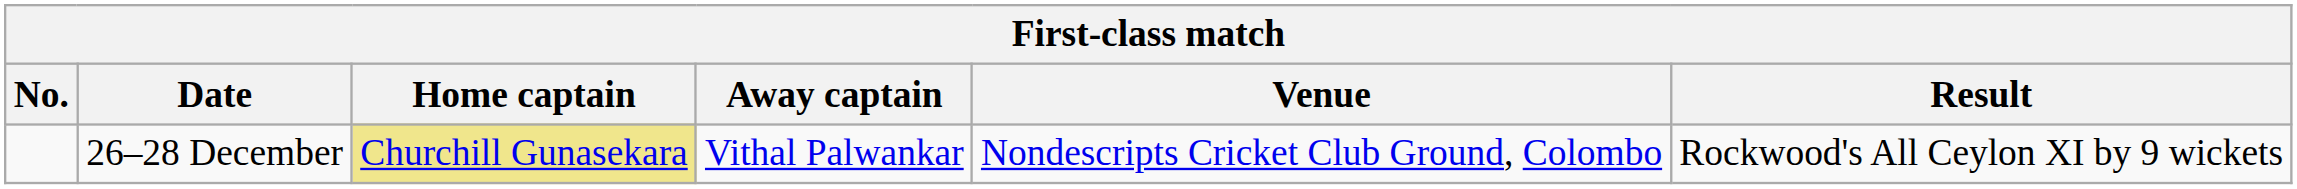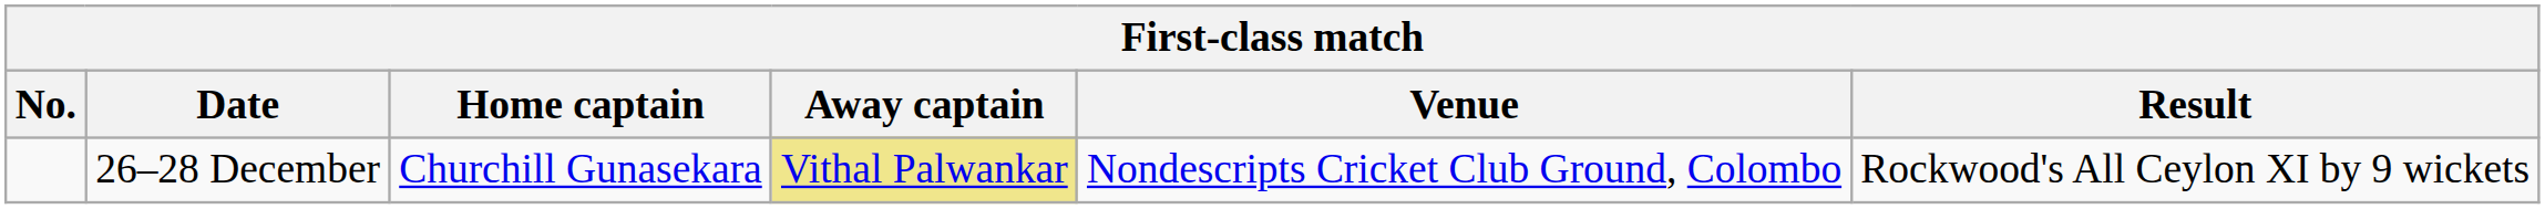 <table class="wikitable">
 <tr>
 <th colspan="9">First-class match</th>
 </tr>
 <tr>
 <th>No.</th>
 <th>Date</th>
 <th>Home captain</th>
 <th>Away captain</th>
 <th>Venue</th>
 <th>Result</th>
 </tr>
 <tr>
 <td></td>
 <td>26–28 December</td>
-<td style="background: khaki;"><a href='#'>Churchill Gunasekara</a></td>
-<td><a href='#'>Vithal Palwankar</a></td>
+<td><a href='#'>Churchill Gunasekara</a></td>
+<td style="background: khaki;"><a href='#'>Vithal Palwankar</a></td>
 <td><a href='#'>Nondescripts Cricket Club Ground</a>, <a href='#'>Colombo</a></td>
 <td> Rockwood's All Ceylon XI by 9 wickets</td>
 </tr>
 </table>
